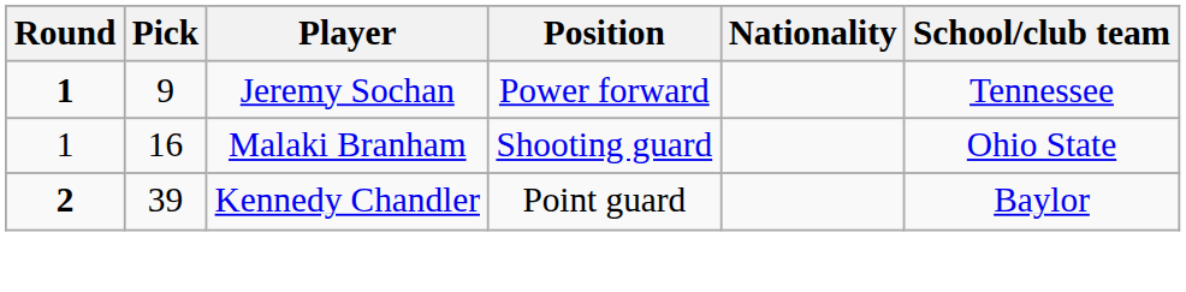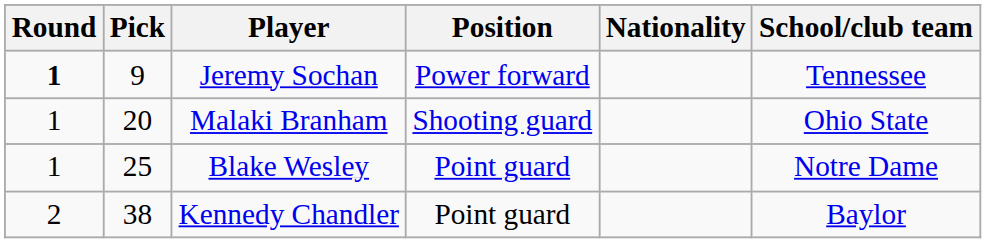 <table class="wikitable sortable sortable"  style="text-align: center">
 <tr>
 <th>Round</th>
 <th>Pick</th>
 <th>Player</th>
 <th>Position</th>
 <th>Nationality</th>
 <th>School/club team</th>
 </tr>
 <tr style="text-align: center">
 <td><strong>1</strong></td>
 <td>9</td>
 <td><a href='#'>Jeremy Sochan</a></td>
 <td><a href='#'>Power forward</a></td>
 <td></td>
 <td><a href='#'>Tennessee</a></td>
 </tr>
 <tr style="text-align: center">
 <td>1</td>
-<td>16</td>
+<td>20</td>
 <td><a href='#'>Malaki Branham</a></td>
 <td><a href='#'>Shooting guard</a></td>
 <td></td>
 <td><a href='#'>Ohio State</a></td>
 </tr>
 <tr style="text-align: center">
-<td><strong>2</strong></td>
-<td>39</td>
+<td>1</td>
+<td>25</td>
+<td><a href='#'>Blake Wesley</a></td>
+<td><a href='#'>Point guard</a></td>
+<td></td>
+<td><a href='#'>Notre Dame</a></td>
+</tr>
+<tr style="text-align: center">
+<td>2</td>
+<td>38</td>
 <td><a href='#'>Kennedy Chandler</a></td>
 <td>Point guard</td>
 <td></td>
 <td><a href='#'>Baylor</a></td>
 </tr>
 </table>
